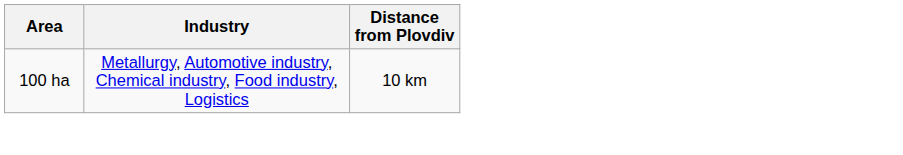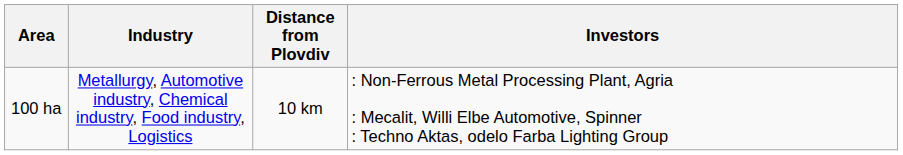 <table class="wikitable" style="text-align:center">
 <tr>
 <th width="70">Area</th>
 <th width="250">Industry</th>
 <th width="100">Distance from Plovdiv</th>
+<th width="900">Investors</th>
 </tr>
 <tr>
 <td>100 ha</td>
 <td><a href='#'>Metallurgy</a>, <a href='#'>Automotive industry</a>, <a href='#'>Chemical industry</a>, <a href='#'>Food industry</a>, <a href='#'>Logistics</a></td>
 <td>10 km</td>
+<td style="text-align: left;">: Non-Ferrous Metal Processing Plant, Agria<br><br>: Mecalit, Willi Elbe Automotive, Spinner<br> : Techno Aktas, odelo Farba Lighting Group<br></td>
 </tr>
 </table>
